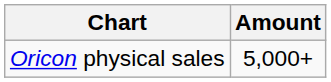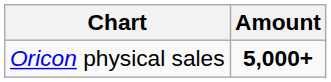 <table class="wikitable">
 <tr>
 <th>Chart</th>
 <th>Amount</th>
 </tr>
 <tr>
 <td><em><a href='#'>Oricon</a></em> physical sales</td>
-<td style="text-align:center;">5,000+</td>
+<td style="text-align:center;"><strong>5,000+</strong></td>
 </tr>
 </table>
